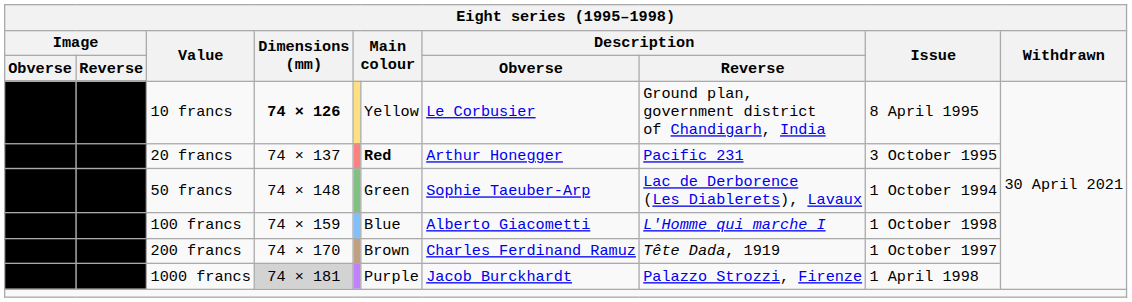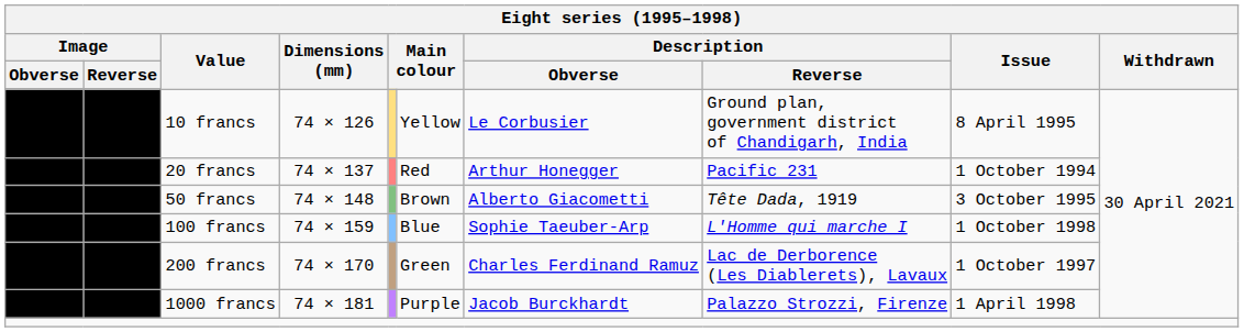 <table class="wikitable" style="margin:auto; font-size:90%; border-width:1px;">
 <tr>
 <th colspan=11>Eight series (1995–1998)<br></th>
 </tr>
 <tr>
 <th colspan=2>Image</th>
 <th rowspan=2>Value</th>
 <th rowspan=2>Dimensions<br>(mm)</th>
 <th rowspan=2 colspan=2>Main<br>colour</th>
 <th colspan=2>Description</th>
 <th rowspan=2>Issue</th>
 <th rowspan=2>Withdrawn</th>
 </tr>
 <tr>
 <th>Obverse</th>
 <th>Reverse</th>
 <th>Obverse</th>
 <th>Reverse</th>
 </tr>
 <tr>
 <td style="background:#000; align:center;"></td>
 <td style="background:#000; align:center;"></td>
 <td>10 francs</td>
-<td align=center><strong>74 × 126</strong></td>
+<td align=center>74 × 126</td>
 <td style="background:#FFE080;"></td>
 <td>Yellow</td>
 <td><a href='#'>Le Corbusier</a></td>
 <td>Ground plan,<br>government district<br>of <a href='#'>Chandigarh</a>, <a href='#'>India</a></td>
 <td>8 April 1995</td>
 <td rowspan=6>30 April 2021</td>
 </tr>
 <tr>
 <td style="background:#000; align:center;"></td>
 <td style="background:#000; align:center;"></td>
 <td>20 francs</td>
 <td align=center>74 × 137</td>
 <td style="background:#FF8080;"></td>
-<td><strong>Red</strong></td>
+<td>Red</td>
 <td><a href='#'>Arthur Honegger</a></td>
 <td><a href='#'>Pacific 231</a></td>
-<td>3 October 1995</td>
+<td>1 October 1994</td>
 </tr>
 <tr>
 <td style="background:#000; align:center;"></td>
 <td style="background:#000; align:center;"></td>
 <td>50 francs</td>
 <td align=center>74 × 148</td>
 <td style="background:#80C080;"></td>
-<td>Green</td>
-<td><a href='#'>Sophie Taeuber-Arp</a></td>
-<td><a href='#'>Lac de Derborence</a><br>(<a href='#'>Les Diablerets</a>), <a href='#'>Lavaux</a></td>
-<td>1 October 1994</td>
+<td>Brown</td>
+<td><a href='#'>Alberto Giacometti</a></td>
+<td><em>Tête Dada</em>, 1919</td>
+<td>3 October 1995</td>
 </tr>
 <tr>
 <td style="background:#000; align:center;"></td>
 <td style="background:#000; align:center;"></td>
 <td>100 francs</td>
 <td align=center>74 × 159</td>
 <td style="background:#80C0FF;"></td>
 <td>Blue</td>
-<td><a href='#'>Alberto Giacometti</a></td>
+<td><a href='#'>Sophie Taeuber-Arp</a></td>
 <td><em><a href='#'>L'Homme qui marche I</a></em></td>
 <td>1 October 1998</td>
 </tr>
 <tr>
 <td style="background:#000; align:center;"></td>
 <td style="background:#000; align:center;"></td>
 <td>200 francs</td>
 <td align=center>74 × 170</td>
 <td style="background:#C0A080;"></td>
-<td>Brown</td>
+<td>Green</td>
 <td><a href='#'>Charles Ferdinand Ramuz</a></td>
-<td><em>Tête Dada</em>, 1919</td>
+<td><a href='#'>Lac de Derborence</a><br>(<a href='#'>Les Diablerets</a>), <a href='#'>Lavaux</a></td>
 <td>1 October 1997</td>
 </tr>
 <tr>
 <td style="background:#000; align:center;"></td>
 <td style="background:#000; align:center;"></td>
 <td>1000 francs</td>
-<td align=center style="background: lightgrey;">74 × 181</td>
+<td align=center>74 × 181</td>
 <td style="background:#C080FF;"></td>
 <td>Purple</td>
 <td><a href='#'>Jacob Burckhardt</a></td>
 <td><a href='#'>Palazzo Strozzi</a>, <a href='#'>Firenze</a></td>
 <td>1 April 1998</td>
 </tr>
 <tr>
 <td colspan=10></td>
 </tr>
 </table>
